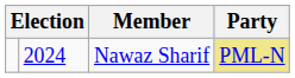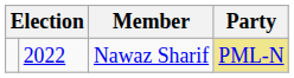 <table class="wikitable">
 <tr>
 <th colspan="2">Election</th>
 <th>Member</th>
 <th>Party</th>
 </tr>
 <tr>
 <td style="background-color: "></td>
-<td><a href='#'>2024</a></td>
+<td><a href='#'>2022</a></td>
 <td><a href='#'>Nawaz Sharif</a></td>
 <td style="background: khaki;"><a href='#'>PML-N</a></td>
 </tr>
 </table>
